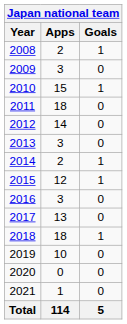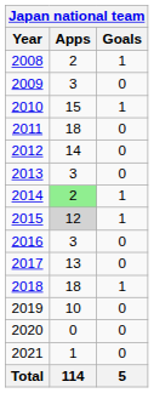 <table class="wikitable" style="text-align:center">
 <tr>
 <th colspan=3><a href='#'>Japan national team</a></th>
 </tr>
 <tr>
 <th>Year</th>
 <th>Apps</th>
 <th>Goals</th>
 </tr>
 <tr>
 <td><a href='#'>2008</a></td>
 <td>2</td>
 <td>1</td>
 </tr>
 <tr>
 <td><a href='#'>2009</a></td>
 <td>3</td>
 <td>0</td>
 </tr>
 <tr>
 <td><a href='#'>2010</a></td>
 <td>15</td>
 <td>1</td>
 </tr>
 <tr>
 <td><a href='#'>2011</a></td>
 <td>18</td>
 <td>0</td>
 </tr>
 <tr>
 <td><a href='#'>2012</a></td>
 <td>14</td>
 <td>0</td>
 </tr>
 <tr>
 <td><a href='#'>2013</a></td>
 <td>3</td>
 <td>0</td>
 </tr>
 <tr>
 <td><a href='#'>2014</a></td>
-<td>2</td>
+<td style="background: lightgreen;">2</td>
 <td>1</td>
 </tr>
 <tr>
 <td><a href='#'>2015</a></td>
-<td>12</td>
+<td style="background: lightgrey;">12</td>
 <td>1</td>
 </tr>
 <tr>
 <td><a href='#'>2016</a></td>
 <td>3</td>
 <td>0</td>
 </tr>
 <tr>
 <td><a href='#'>2017</a></td>
 <td>13</td>
 <td>0</td>
 </tr>
 <tr>
 <td><a href='#'>2018</a></td>
 <td>18</td>
 <td>1</td>
 </tr>
 <tr>
 <td>2019</td>
 <td>10</td>
 <td>0</td>
 </tr>
 <tr>
 <td>2020</td>
 <td>0</td>
 <td>0</td>
 </tr>
 <tr>
 <td>2021</td>
 <td>1</td>
 <td>0</td>
 </tr>
 <tr>
 <th>Total</th>
 <th>114</th>
 <th>5</th>
 </tr>
 </table>
